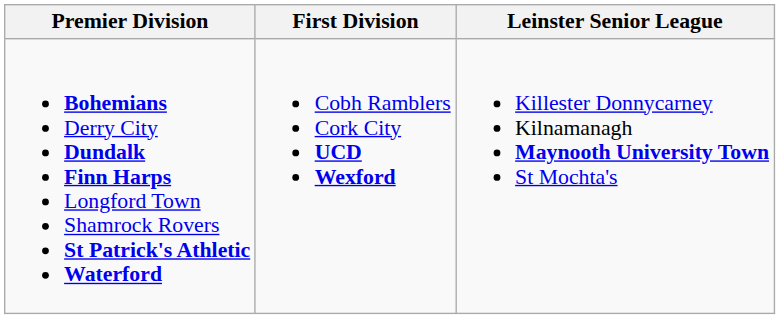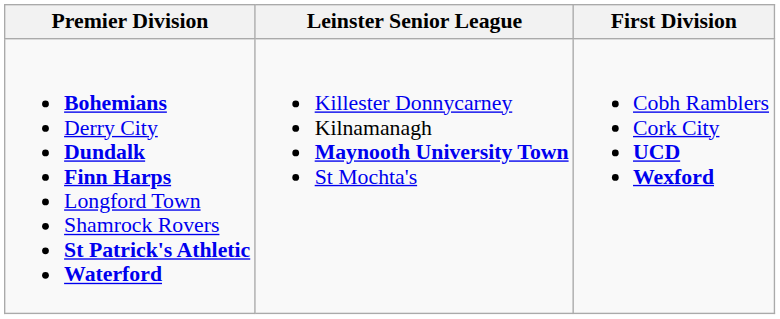 <table class="wikitable">
 <tr>
 <th>Premier Division</th>
+<th>Leinster Senior League</th>
 <th>First Division</th>
-<th>Leinster Senior League</th>
 </tr>
 <tr>
 <td valign="top"><br><ul><li><strong><a href='#'>Bohemians</a></strong></li><li><a href='#'>Derry City</a></li><li><strong><a href='#'>Dundalk</a></strong></li><li><strong><a href='#'>Finn Harps</a></strong></li><li><a href='#'>Longford Town</a></li><li><a href='#'>Shamrock Rovers</a></li><li><strong><a href='#'>St Patrick's Athletic</a></strong></li><li><strong><a href='#'>Waterford</a></strong></li></ul></td>
+<td valign="top"><br><ul><li><a href='#'>Killester Donnycarney</a></li><li>Kilnamanagh</li><li><strong><a href='#'>Maynooth University Town</a></strong></li><li><a href='#'>St Mochta's</a></li></ul></td>
 <td valign="top"><br><ul><li><a href='#'>Cobh Ramblers</a></li><li><a href='#'>Cork City</a></li><li><strong><a href='#'>UCD</a></strong></li><li><strong><a href='#'>Wexford</a></strong></li></ul></td>
-<td valign="top"><br><ul><li><a href='#'>Killester Donnycarney</a></li><li>Kilnamanagh</li><li><strong><a href='#'>Maynooth University Town</a></strong></li><li><a href='#'>St Mochta's</a></li></ul></td>
 </tr>
 </table>
